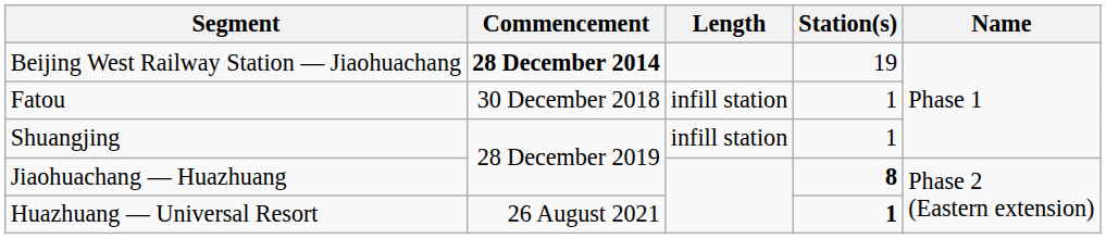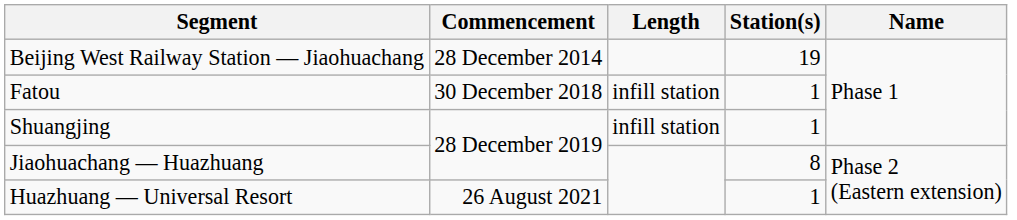 <table class="wikitable" style="border-collapse: collapse; text-align: right;">
 <tr>
 <th>Segment</th>
 <th>Commencement</th>
 <th>Length</th>
 <th>Station(s)</th>
 <th>Name</th>
 </tr>
 <tr>
 <td style="text-align: left;">Beijing West Railway Station — Jiaohuachang</td>
-<td><strong>28 December 2014</strong></td>
+<td>28 December 2014</td>
 <td></td>
 <td>19</td>
 <td rowspan="3" style="text-align: left;">Phase 1</td>
 </tr>
 <tr>
 <td style="text-align: left;">Fatou</td>
 <td>30 December 2018</td>
 <td>infill station</td>
 <td>1</td>
 </tr>
 <tr>
 <td style="text-align: left;">Shuangjing</td>
 <td rowspan="2">28 December 2019</td>
 <td>infill station</td>
 <td>1</td>
 </tr>
 <tr>
 <td style="text-align: left;">Jiaohuachang — Huazhuang</td>
 <td rowspan="2"></td>
-<td><strong>8</strong></td>
+<td>8</td>
 <td rowspan="2" style="text-align: left;">Phase 2 <br>(Eastern extension)</td>
 </tr>
 <tr>
 <td style="text-align: left;">Huazhuang — Universal Resort</td>
 <td>26 August 2021</td>
-<td><strong>1</strong></td>
+<td>1</td>
 </tr>
 </table>
